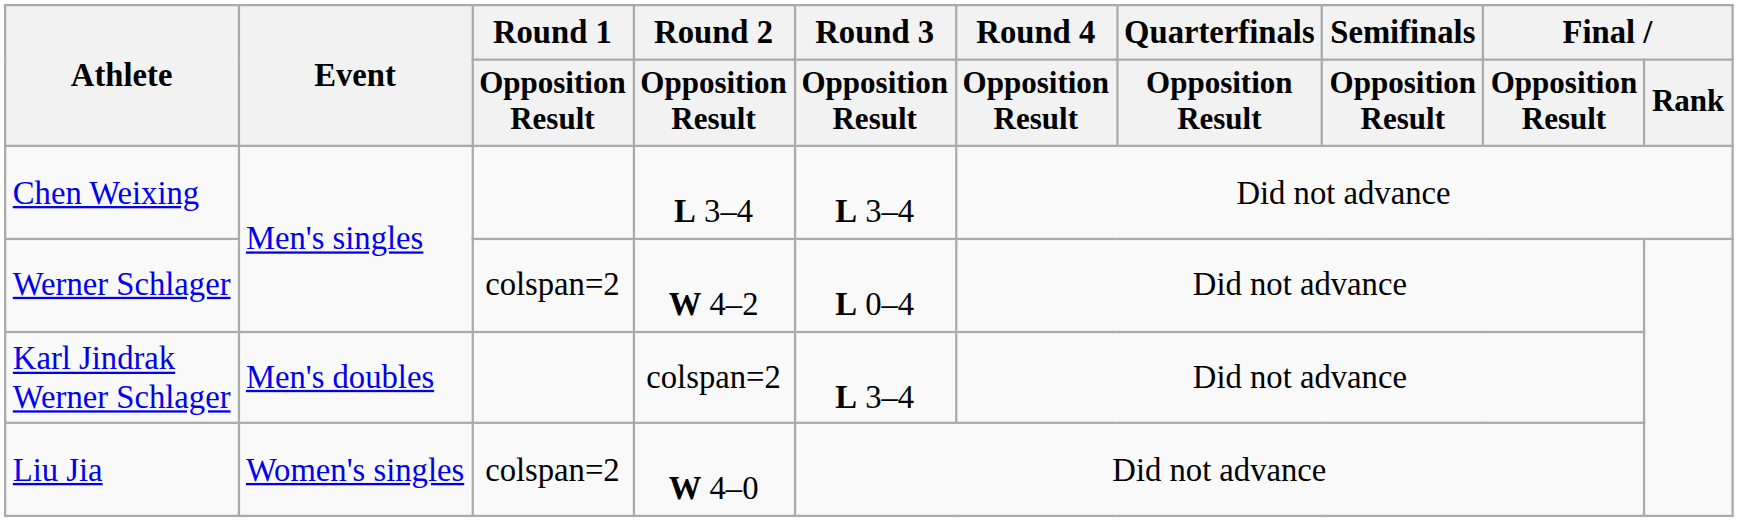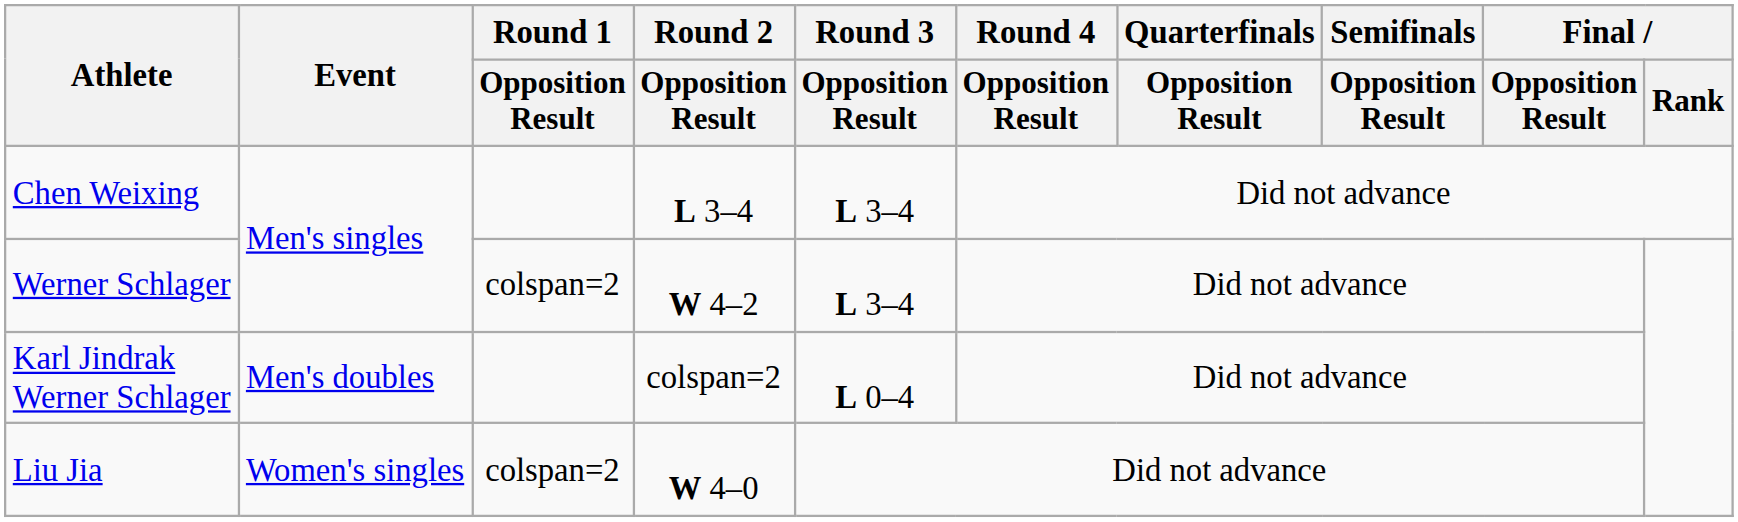 <table class="wikitable" style="font-size:90%">
 <tr>
 <th rowspan="2">Athlete</th>
 <th rowspan="2">Event</th>
 <th>Round 1</th>
 <th>Round 2</th>
 <th>Round 3</th>
 <th>Round 4</th>
 <th>Quarterfinals</th>
 <th>Semifinals</th>
 <th colspan=2>Final / </th>
 </tr>
 <tr style="font-size:95%">
 <th>Opposition<br>Result</th>
 <th>Opposition<br>Result</th>
 <th>Opposition<br>Result</th>
 <th>Opposition<br>Result</th>
 <th>Opposition<br>Result</th>
 <th>Opposition<br>Result</th>
 <th>Opposition<br>Result</th>
 <th>Rank</th>
 </tr>
 <tr align=center>
 <td align=left><a href='#'>Chen Weixing</a></td>
 <td align=left rowspan=2><a href='#'>Men's singles</a></td>
 <td></td>
 <td><br><strong>L</strong> 3–4</td>
 <td><br><strong>L</strong> 3–4</td>
 <td colspan=5>Did not advance</td>
 </tr>
 <tr align=center>
 <td align=left><a href='#'>Werner Schlager</a></td>
 <td>colspan=2 </td>
 <td><br><strong>W</strong> 4–2</td>
-<td><br><strong>L</strong> 0–4</td>
+<td><br><strong>L</strong> 3–4</td>
 <td colspan=4>Did not advance</td>
 </tr>
 <tr align=center>
 <td align=left><a href='#'>Karl Jindrak</a><br><a href='#'>Werner Schlager</a></td>
 <td align=left><a href='#'>Men's doubles</a></td>
 <td></td>
 <td>colspan=2 </td>
-<td><br><strong>L</strong> 3–4</td>
+<td><br><strong>L</strong> 0–4</td>
 <td colspan=4>Did not advance</td>
 </tr>
 <tr align=center>
 <td align=left><a href='#'>Liu Jia</a></td>
 <td align=left><a href='#'>Women's singles</a></td>
 <td>colspan=2 </td>
 <td><br><strong>W</strong> 4–0</td>
 <td colspan=5>Did not advance</td>
 </tr>
 </table>
